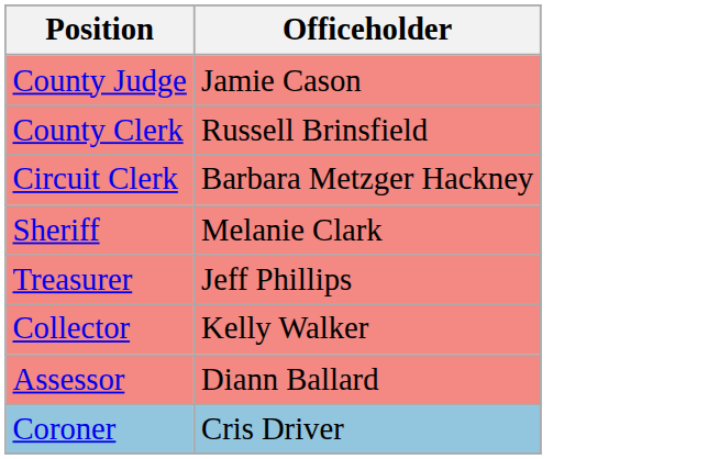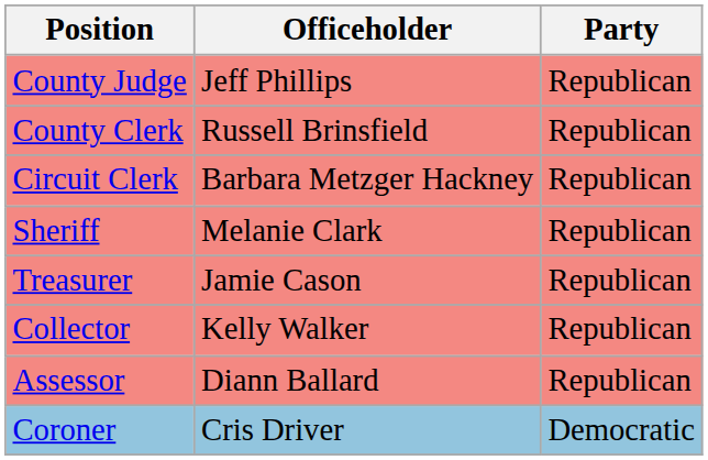 <table class="wikitable mw-collapsible">
 <tr>
 <th>Position</th>
 <th>Officeholder</th>
+<th>Party</th>
 </tr>
 <tr style="background-color: #F48882;">
 <td><a href='#'>County Judge</a></td>
-<td>Jamie Cason</td>
+<td>Jeff Phillips</td>
+<td>Republican</td>
 </tr>
 <tr style="background-color: #F48882;">
 <td><a href='#'>County Clerk</a></td>
 <td>Russell Brinsfield</td>
+<td>Republican</td>
 </tr>
 <tr style="background-color: #F48882;">
 <td><a href='#'>Circuit Clerk</a></td>
 <td>Barbara Metzger Hackney</td>
+<td>Republican</td>
 </tr>
 <tr style="background-color: #F48882;">
 <td><a href='#'>Sheriff</a></td>
 <td>Melanie Clark</td>
+<td>Republican</td>
 </tr>
 <tr style="background-color: #F48882;">
 <td><a href='#'>Treasurer</a></td>
-<td>Jeff Phillips</td>
+<td>Jamie Cason</td>
+<td>Republican</td>
 </tr>
 <tr style="background-color: #F48882;">
 <td><a href='#'>Collector</a></td>
 <td>Kelly Walker</td>
+<td>Republican</td>
 </tr>
 <tr style="background-color: #F48882;">
 <td><a href='#'>Assessor</a></td>
 <td>Diann Ballard</td>
+<td>Republican</td>
 </tr>
 <tr style="background-color: #92C5DE;">
 <td><a href='#'>Coroner</a></td>
 <td>Cris Driver</td>
+<td>Democratic</td>
 </tr>
 </table>
